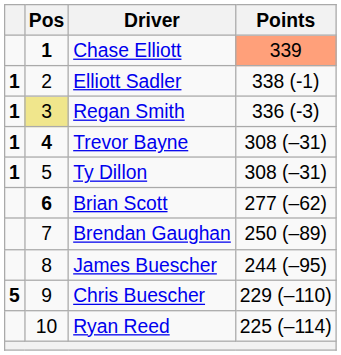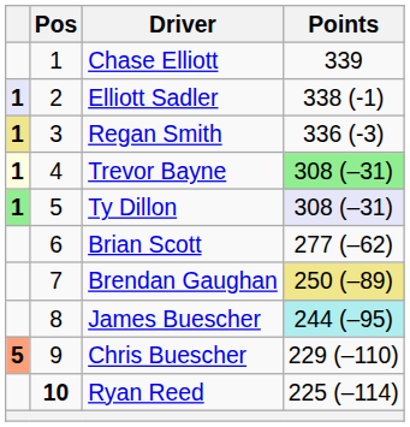 <table class="wikitable" style="font-size: 95%;">
 <tr>
 <th></th>
 <th>Pos</th>
 <th>Driver</th>
 <th>Points</th>
 </tr>
 <tr>
 <td align="left"></td>
-<td style="text-align:center;"><strong>1</strong></td>
+<td style="text-align:center;">1</td>
 <td><a href='#'>Chase Elliott</a></td>
-<td style="background: lightsalmon; text-align:center;">339</td>
+<td style="text-align:center;">339</td>
 </tr>
 <tr>
-<td align="left"> <strong>1</strong></td>
+<td align="left" style="background: lavender;"> <strong>1</strong></td>
 <td style="text-align:center;">2</td>
 <td><a href='#'>Elliott Sadler</a></td>
 <td style="text-align:center;">338 (-1)</td>
 </tr>
 <tr>
-<td align="left"> <strong>1</strong></td>
-<td style="background: khaki; text-align:center;">3</td>
+<td align="left" style="background: khaki;"> <strong>1</strong></td>
+<td style="text-align:center;">3</td>
 <td><a href='#'>Regan Smith</a></td>
 <td style="text-align:center;">336 (-3)</td>
 </tr>
 <tr>
-<td align="left"> <strong>1</strong></td>
-<td style="text-align:center;"><strong>4</strong></td>
+<td align="left" style="background: lightyellow;"> <strong>1</strong></td>
+<td style="text-align:center;">4</td>
 <td><a href='#'>Trevor Bayne</a></td>
-<td style="text-align:center;">308 (–31)</td>
+<td style="background: lightgreen; text-align:center;">308 (–31)</td>
 </tr>
 <tr>
-<td align="left"> <strong>1</strong></td>
+<td align="left" style="background: lightgreen;"> <strong>1</strong></td>
 <td style="text-align:center;">5</td>
 <td><a href='#'>Ty Dillon</a></td>
-<td style="text-align:center;">308 (–31)</td>
+<td style="background: lavender; text-align:center;">308 (–31)</td>
 </tr>
 <tr>
 <td align="left"></td>
-<td style="text-align:center;"><strong>6</strong></td>
+<td style="text-align:center;">6</td>
 <td><a href='#'>Brian Scott</a></td>
 <td style="text-align:center;">277 (–62)</td>
 </tr>
 <tr>
 <td align="left"></td>
 <td style="text-align:center;">7</td>
 <td><a href='#'>Brendan Gaughan</a></td>
-<td style="text-align:center;">250 (–89)</td>
+<td style="background: khaki; text-align:center;">250 (–89)</td>
 </tr>
 <tr>
 <td align="left"></td>
 <td style="text-align:center;">8</td>
 <td><a href='#'>James Buescher</a></td>
-<td style="text-align:center;">244 (–95)</td>
+<td style="background: paleturquoise; text-align:center;">244 (–95)</td>
 </tr>
 <tr>
-<td align="left"> <strong>5</strong></td>
+<td align="left" style="background: lightsalmon;"> <strong>5</strong></td>
 <td style="text-align:center;">9</td>
 <td><a href='#'>Chris Buescher</a></td>
 <td style="text-align:center;">229 (–110)</td>
 </tr>
 <tr>
 <td align="left"></td>
-<td style="text-align:center;">10</td>
+<td style="text-align:center;"><strong>10</strong></td>
 <td><a href='#'>Ryan Reed</a></td>
 <td style="text-align:center;">225 (–114)</td>
 </tr>
 <tr class="sortbottom">
 <th colspan="9"></th>
 </tr>
 </table>
